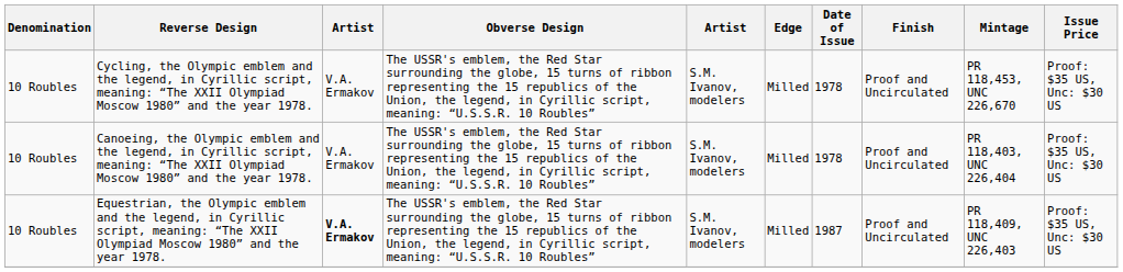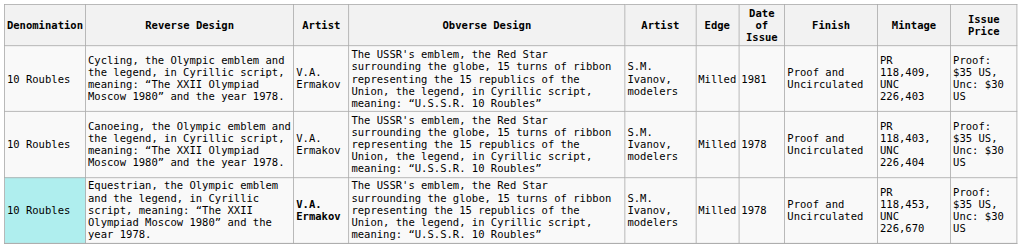 <table class="wikitable">
 <tr>
 <th>Denomination</th>
 <th>Reverse Design</th>
 <th>Artist</th>
 <th>Obverse Design</th>
 <th>Artist</th>
 <th>Edge</th>
 <th>Date of Issue</th>
 <th>Finish</th>
 <th>Mintage</th>
 <th>Issue Price</th>
 </tr>
 <tr>
 <td>10 Roubles</td>
 <td>Cycling, the Olympic emblem and the legend, in Cyrillic script, meaning: “The XXII Olympiad Moscow 1980” and the year 1978.</td>
 <td>V.A. Ermakov</td>
 <td>The USSR's emblem, the Red Star surrounding the globe, 15 turns of ribbon representing the 15 republics of the Union, the legend, in Cyrillic script, meaning: “U.S.S.R. 10 Roubles”</td>
 <td>S.M. Ivanov, modelers</td>
 <td>Milled</td>
-<td>1978</td>
+<td>1981</td>
 <td>Proof and Uncirculated</td>
-<td>PR 118,453, UNC 226,670</td>
+<td>PR 118,409, UNC 226,403</td>
 <td>Proof: $35 US, Unc: $30 US</td>
 </tr>
 <tr>
 <td>10 Roubles</td>
 <td>Canoeing, the Olympic emblem and the legend, in Cyrillic script, meaning: “The XXII Olympiad Moscow 1980” and the year 1978.</td>
 <td>V.A. Ermakov</td>
 <td>The USSR's emblem, the Red Star surrounding the globe, 15 turns of ribbon representing the 15 republics of the Union, the legend, in Cyrillic script, meaning: “U.S.S.R. 10 Roubles”</td>
 <td>S.M. Ivanov, modelers</td>
 <td>Milled</td>
 <td>1978</td>
 <td>Proof and Uncirculated</td>
 <td>PR 118,403, UNC 226,404</td>
 <td>Proof: $35 US, Unc: $30 US</td>
 </tr>
 <tr>
-<td>10 Roubles</td>
+<td style="background: paleturquoise;">10 Roubles</td>
 <td>Equestrian, the Olympic emblem and the legend, in Cyrillic script, meaning: “The XXII Olympiad Moscow 1980” and the year 1978.</td>
 <td><strong>V.A. Ermakov</strong></td>
 <td>The USSR's emblem, the Red Star surrounding the globe, 15 turns of ribbon representing the 15 republics of the Union, the legend, in Cyrillic script, meaning: “U.S.S.R. 10 Roubles”</td>
 <td>S.M. Ivanov, modelers</td>
 <td>Milled</td>
-<td>1987</td>
+<td>1978</td>
 <td>Proof and Uncirculated</td>
-<td>PR 118,409, UNC 226,403</td>
+<td>PR 118,453, UNC 226,670</td>
 <td>Proof: $35 US, Unc: $30 US</td>
 </tr>
 <tr>
 </tr>
 </table>
